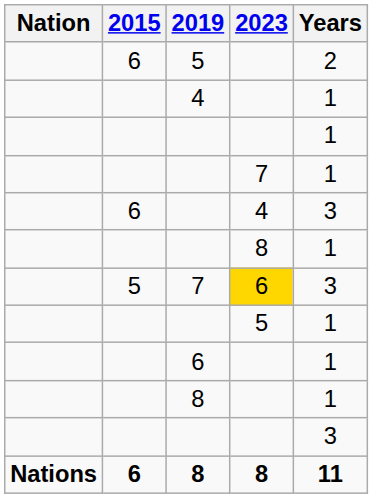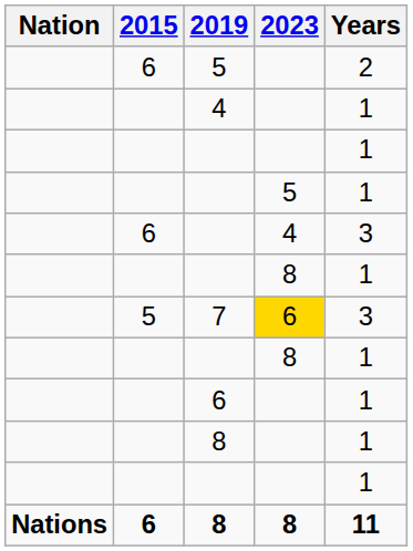 <table class="wikitable" style="text-align:center">
 <tr>
 <th>Nation</th>
 <th><a href='#'>2015</a></th>
 <th><a href='#'>2019</a></th>
 <th><a href='#'>2023</a></th>
 <th>Years</th>
 </tr>
 <tr>
 <td align=left></td>
 <td>6</td>
 <td>5</td>
 <td></td>
 <td>2</td>
 </tr>
 <tr>
 <td align=left></td>
 <td></td>
 <td>4</td>
 <td></td>
 <td>1</td>
 </tr>
 <tr>
 <td align=left></td>
 <td></td>
 <td></td>
 <td></td>
 <td>1</td>
 </tr>
 <tr>
 <td align=left></td>
 <td></td>
 <td></td>
-<td>7</td>
+<td>5</td>
 <td>1</td>
 </tr>
 <tr>
 <td align="left"></td>
 <td>6</td>
 <td></td>
 <td>4</td>
 <td>3</td>
 </tr>
 <tr>
 <td align=left></td>
 <td></td>
 <td></td>
 <td>8</td>
 <td>1</td>
 </tr>
 <tr>
 <td align="left"></td>
 <td>5</td>
 <td>7</td>
 <td style="background: gold;">6</td>
 <td>3</td>
 </tr>
 <tr>
 <td align=left></td>
 <td></td>
 <td></td>
-<td>5</td>
+<td>8</td>
 <td>1</td>
 </tr>
 <tr>
 <td align="left"></td>
 <td></td>
 <td>6</td>
 <td></td>
 <td>1</td>
 </tr>
 <tr>
 <td align="left"></td>
 <td></td>
 <td>8</td>
 <td></td>
 <td>1</td>
 </tr>
 <tr>
 <td align="left"></td>
 <td></td>
 <td></td>
 <td></td>
-<td>3</td>
+<td>1</td>
 </tr>
 <tr>
 <td><strong>Nations</strong></td>
 <td><strong>6</strong></td>
 <td><strong>8</strong></td>
 <td><strong>8</strong></td>
 <td><strong>11</strong></td>
 </tr>
 </table>
